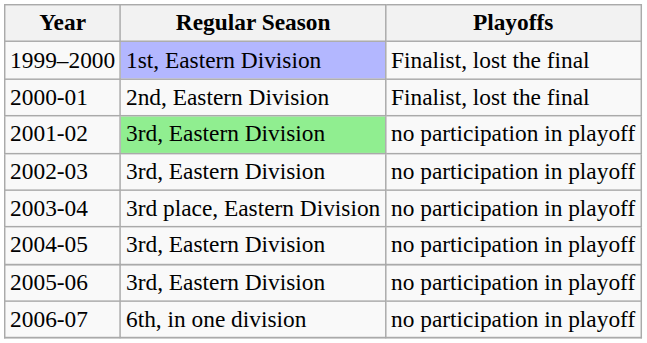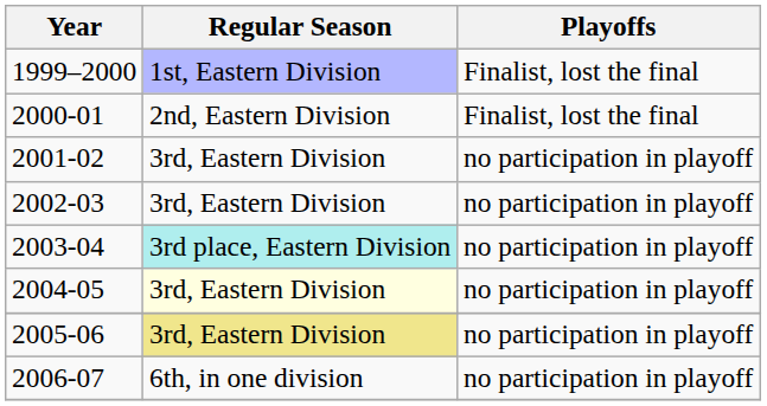 <table class="wikitable">
 <tr>
 <th>Year</th>
 <th>Regular Season</th>
 <th>Playoffs</th>
 </tr>
 <tr>
 <td>1999–2000</td>
 <td style="background:#B3B7FF">1st, Eastern Division</td>
 <td>Finalist, lost the final</td>
 </tr>
 <tr>
 <td>2000-01</td>
 <td>2nd, Eastern Division</td>
 <td>Finalist, lost the final</td>
 </tr>
 <tr>
 <td>2001-02</td>
-<td style="background: lightgreen;">3rd, Eastern Division</td>
+<td>3rd, Eastern Division</td>
 <td>no participation in playoff</td>
 </tr>
 <tr>
 <td>2002-03</td>
 <td>3rd, Eastern Division</td>
 <td>no participation in playoff</td>
 </tr>
 <tr>
 <td>2003-04</td>
-<td>3rd place, Eastern Division</td>
+<td style="background: paleturquoise;">3rd place, Eastern Division</td>
 <td>no participation in playoff</td>
 </tr>
 <tr>
 <td>2004-05</td>
-<td>3rd, Eastern Division</td>
+<td style="background: lightyellow;">3rd, Eastern Division</td>
 <td>no participation in playoff</td>
 </tr>
 <tr>
 </tr>
 <tr>
 <td>2005-06</td>
-<td>3rd, Eastern Division</td>
+<td style="background: khaki;">3rd, Eastern Division</td>
 <td>no participation in playoff</td>
 </tr>
 <tr>
 <td>2006-07</td>
 <td>6th, in one division</td>
 <td>no participation in playoff</td>
 </tr>
 <tr>
 </tr>
 </table>
